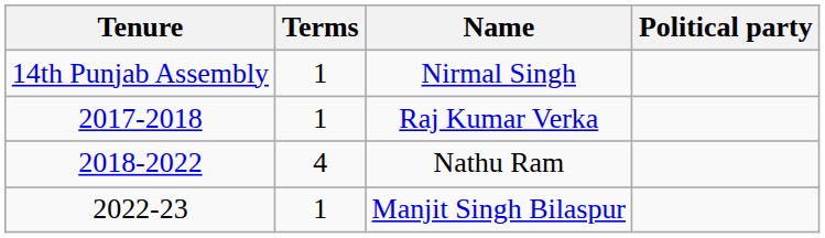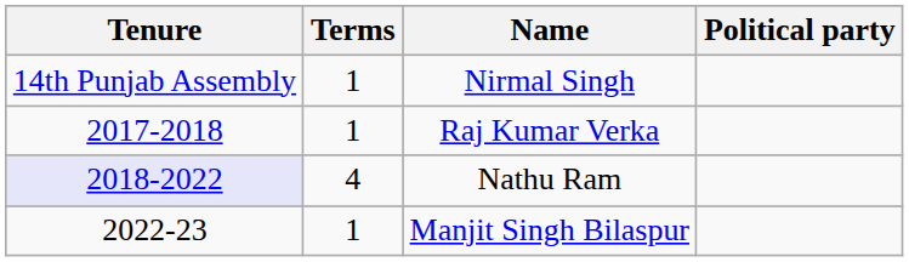 <table class="wikitable sortable">
 <tr>
 <th>Tenure</th>
 <th>Terms</th>
 <th>Name</th>
 <th colspan="2">Political party</th>
 </tr>
 <tr align="center">
 <td><a href='#'>14th Punjab Assembly</a></td>
 <td>1</td>
 <td><a href='#'>Nirmal Singh</a></td>
 <td></td>
 </tr>
 <tr align="center">
 <td><a href='#'>2017-2018</a></td>
 <td>1</td>
 <td><a href='#'>Raj Kumar Verka</a></td>
 <td></td>
 </tr>
 <tr align="center">
-<td><a href='#'>2018-2022</a></td>
+<td style="background: lavender;"><a href='#'>2018-2022</a></td>
 <td>4</td>
 <td>Nathu Ram</td>
 <td></td>
 </tr>
 <tr align="center">
 <td>2022-23</td>
 <td>1</td>
 <td><a href='#'>Manjit Singh Bilaspur</a></td>
 <td></td>
 </tr>
 </table>
